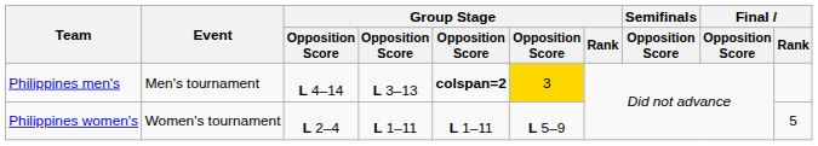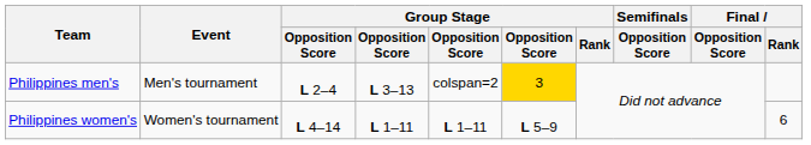 <table class="wikitable" style="font-size:85%">
 <tr>
 <th rowspan=2>Team</th>
 <th rowspan=2>Event</th>
 <th colspan=5>Group Stage</th>
 <th>Semifinals</th>
 <th colspan=2>Final / </th>
 </tr>
 <tr style="font-size:90%">
 <th>Opposition<br>Score</th>
 <th>Opposition<br>Score</th>
 <th>Opposition<br>Score</th>
 <th>Opposition<br>Score</th>
 <th>Rank</th>
 <th>Opposition<br>Score</th>
 <th>Opposition<br>Score</th>
 <th>Rank</th>
 </tr>
 <tr align=center>
 <td align=left><a href='#'>Philippines men's</a></td>
 <td align=left>Men's tournament</td>
-<td><br><strong>L</strong> 4–14</td>
+<td><br><strong>L</strong> 2–4</td>
 <td><br><strong>L</strong> 3–13</td>
-<td><strong>colspan=2 </strong></td>
+<td>colspan=2 </td>
 <td style="background: gold;">3</td>
 <td colspan=3 rowspan=2><em>Did not advance</em></td>
 </tr>
 <tr align=center>
 <td align=left><a href='#'>Philippines women's</a></td>
 <td align=left>Women's tournament</td>
-<td><br><strong>L</strong> 2–4</td>
+<td><br><strong>L</strong> 4–14</td>
 <td><br><strong>L</strong> 1–11</td>
 <td><br><strong>L</strong> 1–11</td>
 <td><br><strong>L</strong> 5–9</td>
-<td>5</td>
+<td>6</td>
 </tr>
 </table>
